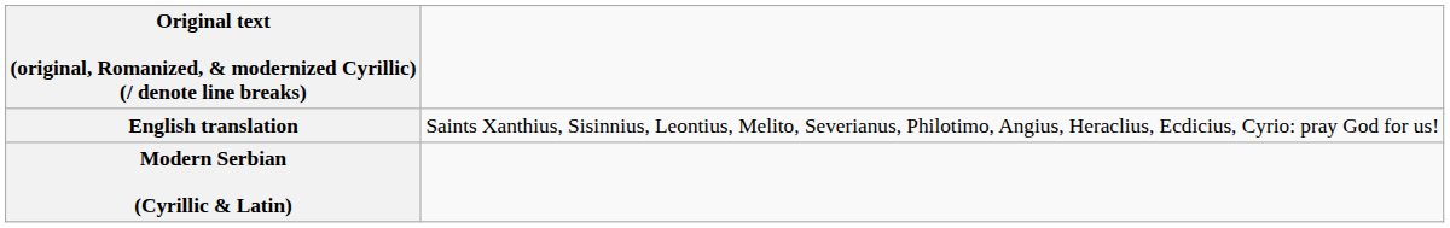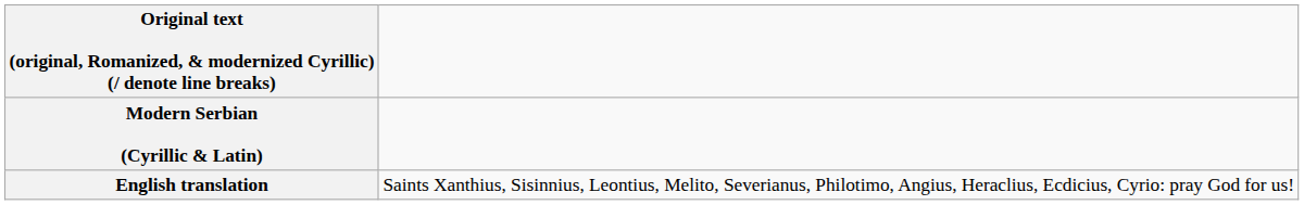 <table class="wikitable">
 <tr>
 <th>Original text<br><br>(original, Romanized, & modernized Cyrillic)<br> (/ denote line breaks)</th>
 <td></td>
 </tr>
 <tr>
+<th>Modern Serbian<br><br>(Cyrillic & Latin)</th>
+<td></td>
+</tr>
+<tr>
 <th>English translation</th>
 <td>Saints Xanthius, Sisinnius, Leontius, Melito, Severianus, Philotimo, Angius, Heraclius, Ecdicius, Cyrio: pray God for us!</td>
 </tr>
-<tr>
-<th>Modern Serbian<br><br>(Cyrillic & Latin)</th>
-<td></td>
-</tr>
 </table>
